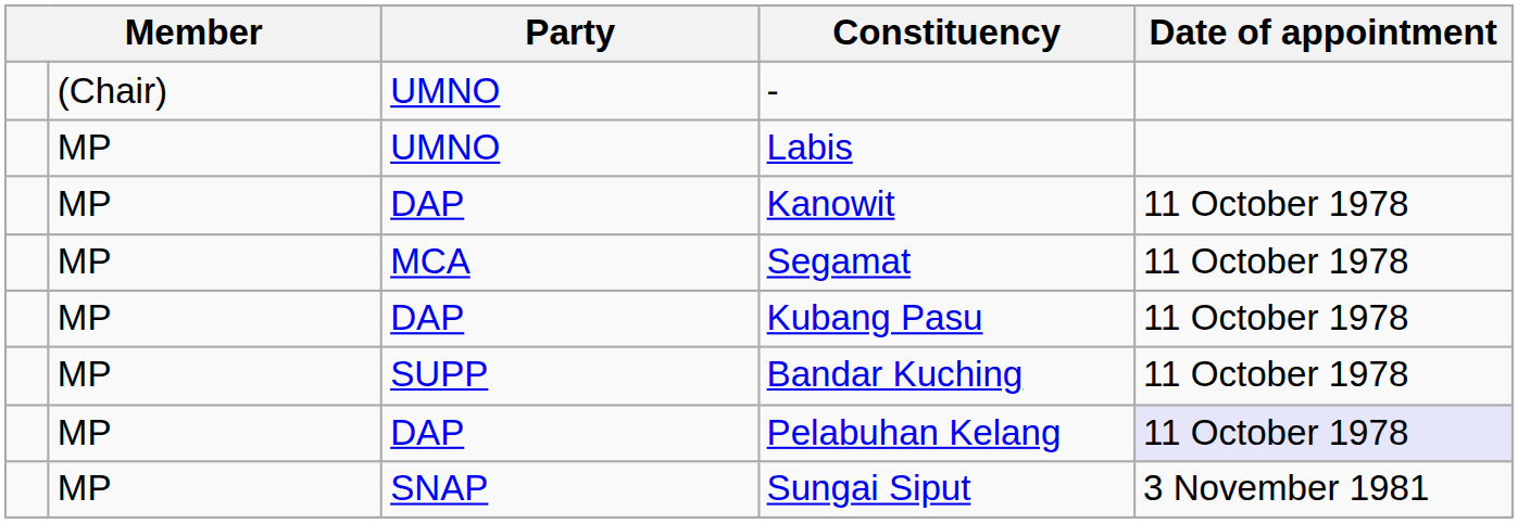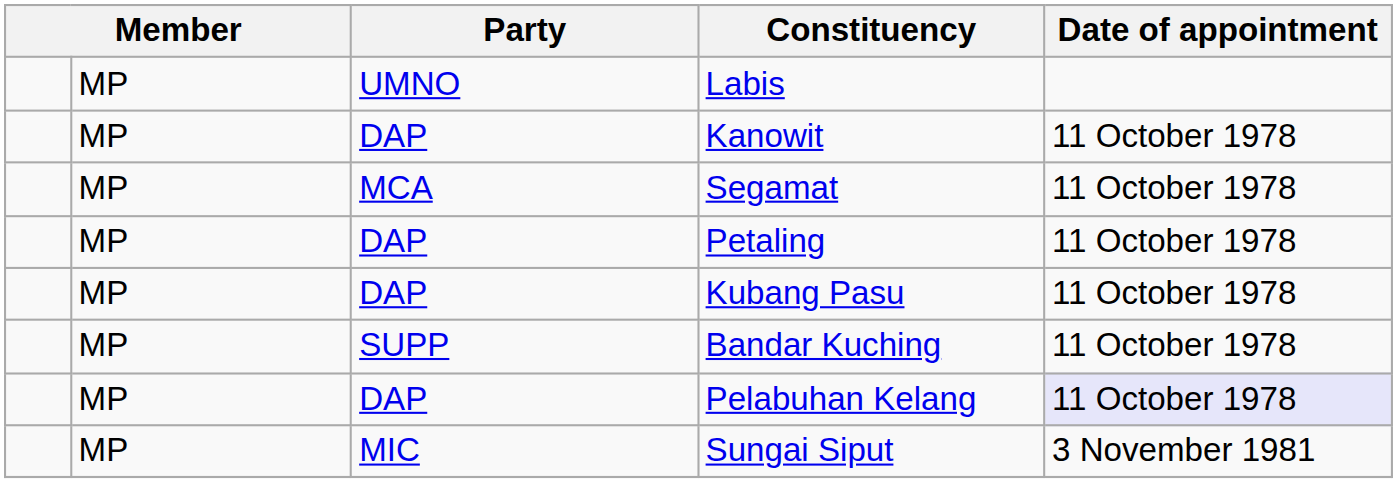 <table class="sortable wikitable">
 <tr>
 <th width="160px" colspan="2" valign="top">Member</th>
 <th width="160px" valign="top">Party</th>
 <th width="160px" valign="top">Constituency</th>
 <th width="160px" valign="top">Date of appointment</th>
-</tr>
-<tr>
-<td></td>
-<td> (Chair)</td>
-<td><a href='#'>UMNO</a></td>
-<td>-</td>
-<td></td>
 </tr>
 <tr>
 <td></td>
 <td> MP</td>
 <td><a href='#'>UMNO</a></td>
 <td><a href='#'>Labis</a></td>
 <td></td>
 </tr>
 <tr>
 <td></td>
 <td> MP</td>
 <td><a href='#'>DAP</a></td>
 <td><a href='#'>Kanowit</a></td>
 <td>11 October 1978</td>
 </tr>
 <tr>
 <td></td>
 <td> MP</td>
 <td><a href='#'>MCA</a></td>
 <td><a href='#'>Segamat</a></td>
 <td>11 October 1978</td>
 </tr>
 <tr>
 <td></td>
 <td> MP</td>
 <td><a href='#'>DAP</a></td>
+<td><a href='#'>Petaling</a></td>
+<td>11 October 1978</td>
+</tr>
+<tr>
+<td></td>
+<td> MP</td>
+<td><a href='#'>DAP</a></td>
 <td><a href='#'>Kubang Pasu</a></td>
 <td>11 October 1978</td>
 </tr>
 <tr>
 <td></td>
 <td> MP</td>
 <td><a href='#'>SUPP</a></td>
 <td><a href='#'>Bandar Kuching</a></td>
 <td>11 October 1978</td>
 </tr>
 <tr>
 <td></td>
 <td> MP</td>
 <td><a href='#'>DAP</a></td>
 <td><a href='#'>Pelabuhan Kelang</a></td>
 <td style="background: lavender;">11 October 1978</td>
 </tr>
 <tr>
 <td></td>
 <td> MP</td>
-<td><a href='#'>SNAP</a></td>
+<td><a href='#'>MIC</a></td>
 <td><a href='#'>Sungai Siput</a></td>
 <td>3 November 1981</td>
 </tr>
 <tr>
 </tr>
 </table>
